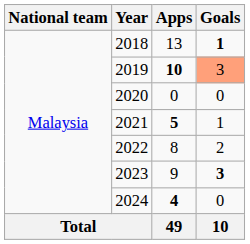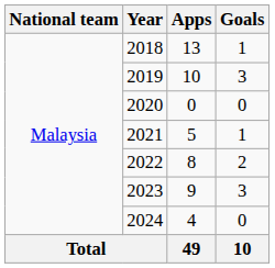 <table class="wikitable" style="text-align:center">
 <tr>
 <th>National team</th>
 <th>Year</th>
 <th>Apps</th>
 <th>Goals</th>
 </tr>
 <tr>
 <td rowspan=7><a href='#'>Malaysia</a></td>
 <td>2018</td>
 <td>13</td>
-<td><strong>1</strong></td>
+<td>1</td>
 </tr>
 <tr>
 <td>2019</td>
-<td><strong>10</strong></td>
-<td style="background: lightsalmon;">3</td>
+<td>10</td>
+<td>3</td>
 </tr>
 <tr>
 <td>2020</td>
 <td>0</td>
 <td>0</td>
 </tr>
 <tr>
 <td>2021</td>
-<td><strong>5</strong></td>
+<td>5</td>
 <td>1</td>
 </tr>
 <tr>
 <td>2022</td>
 <td>8</td>
 <td>2</td>
 </tr>
 <tr>
 <td>2023</td>
 <td>9</td>
-<td><strong>3</strong></td>
+<td>3</td>
 </tr>
 <tr>
 <td>2024</td>
-<td><strong>4</strong></td>
+<td>4</td>
 <td>0</td>
 </tr>
 <tr>
 <th colspan=2>Total</th>
 <th>49</th>
 <th>10</th>
 </tr>
 </table>
